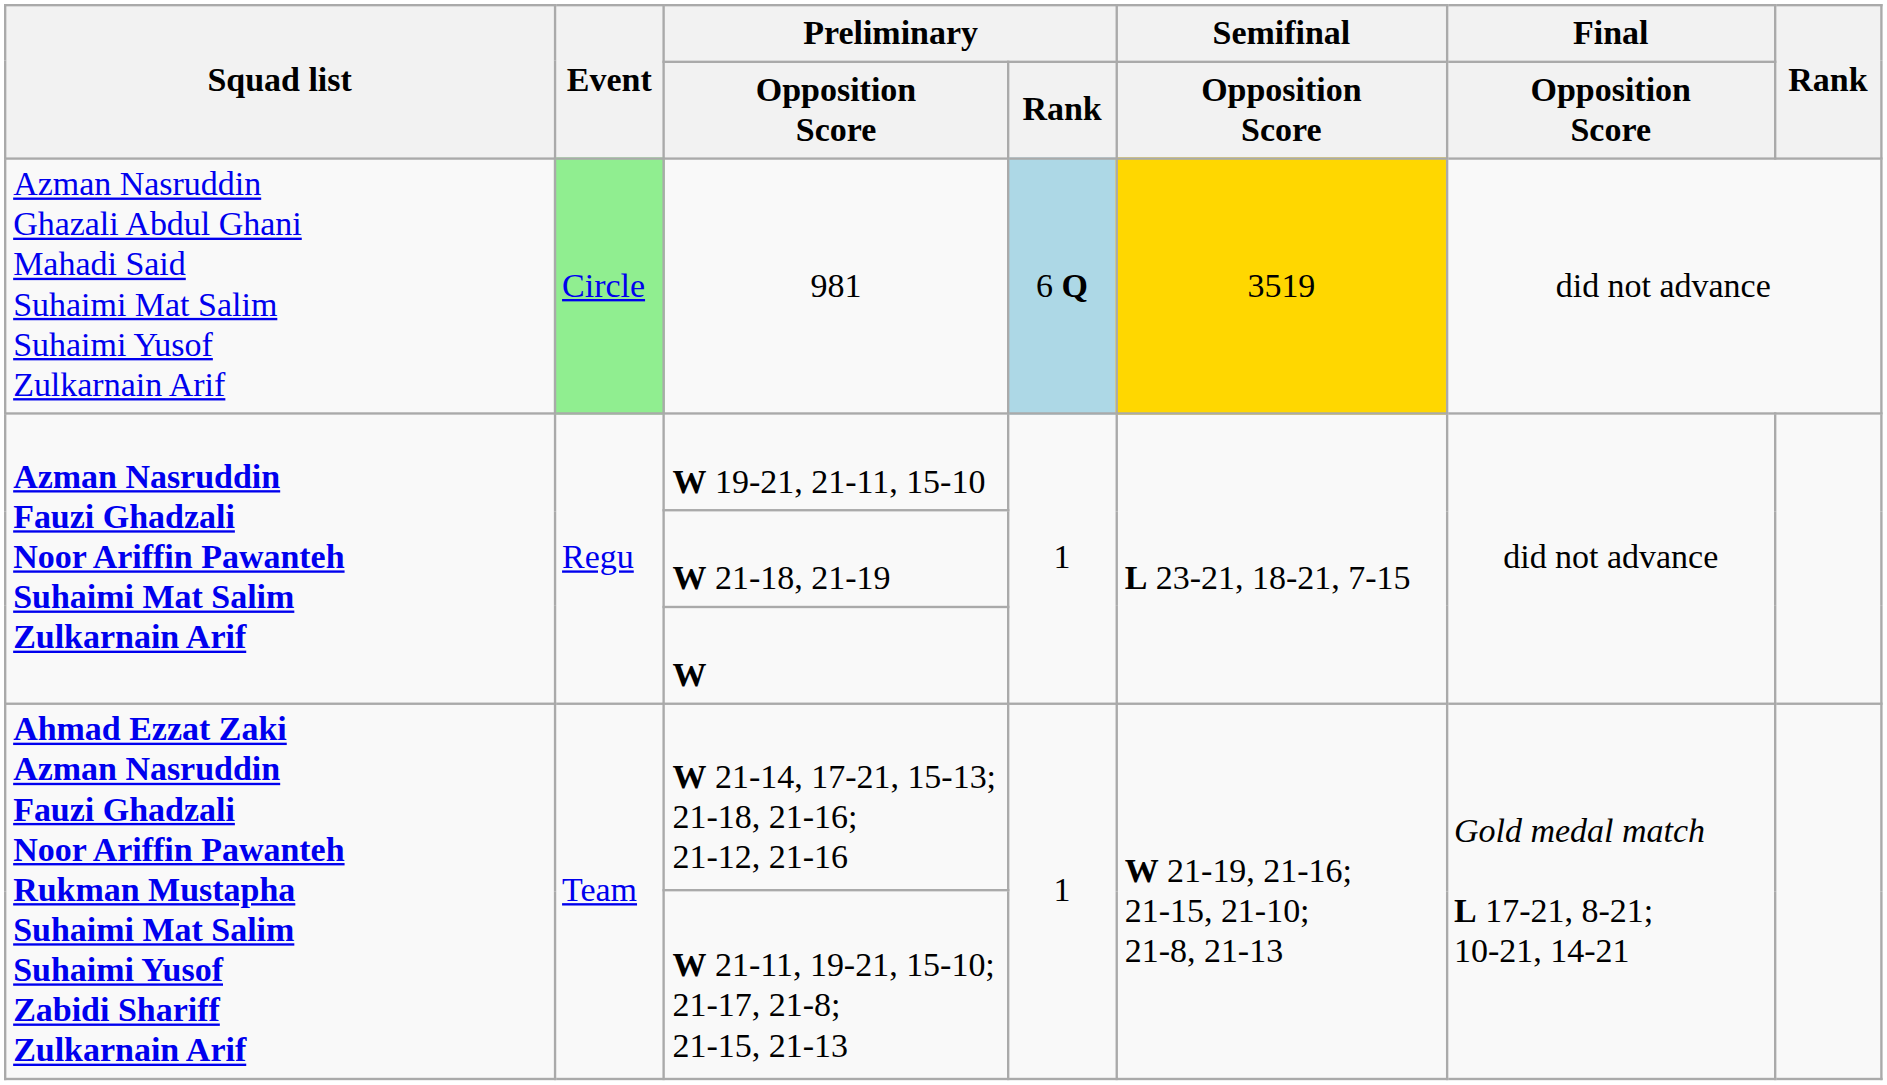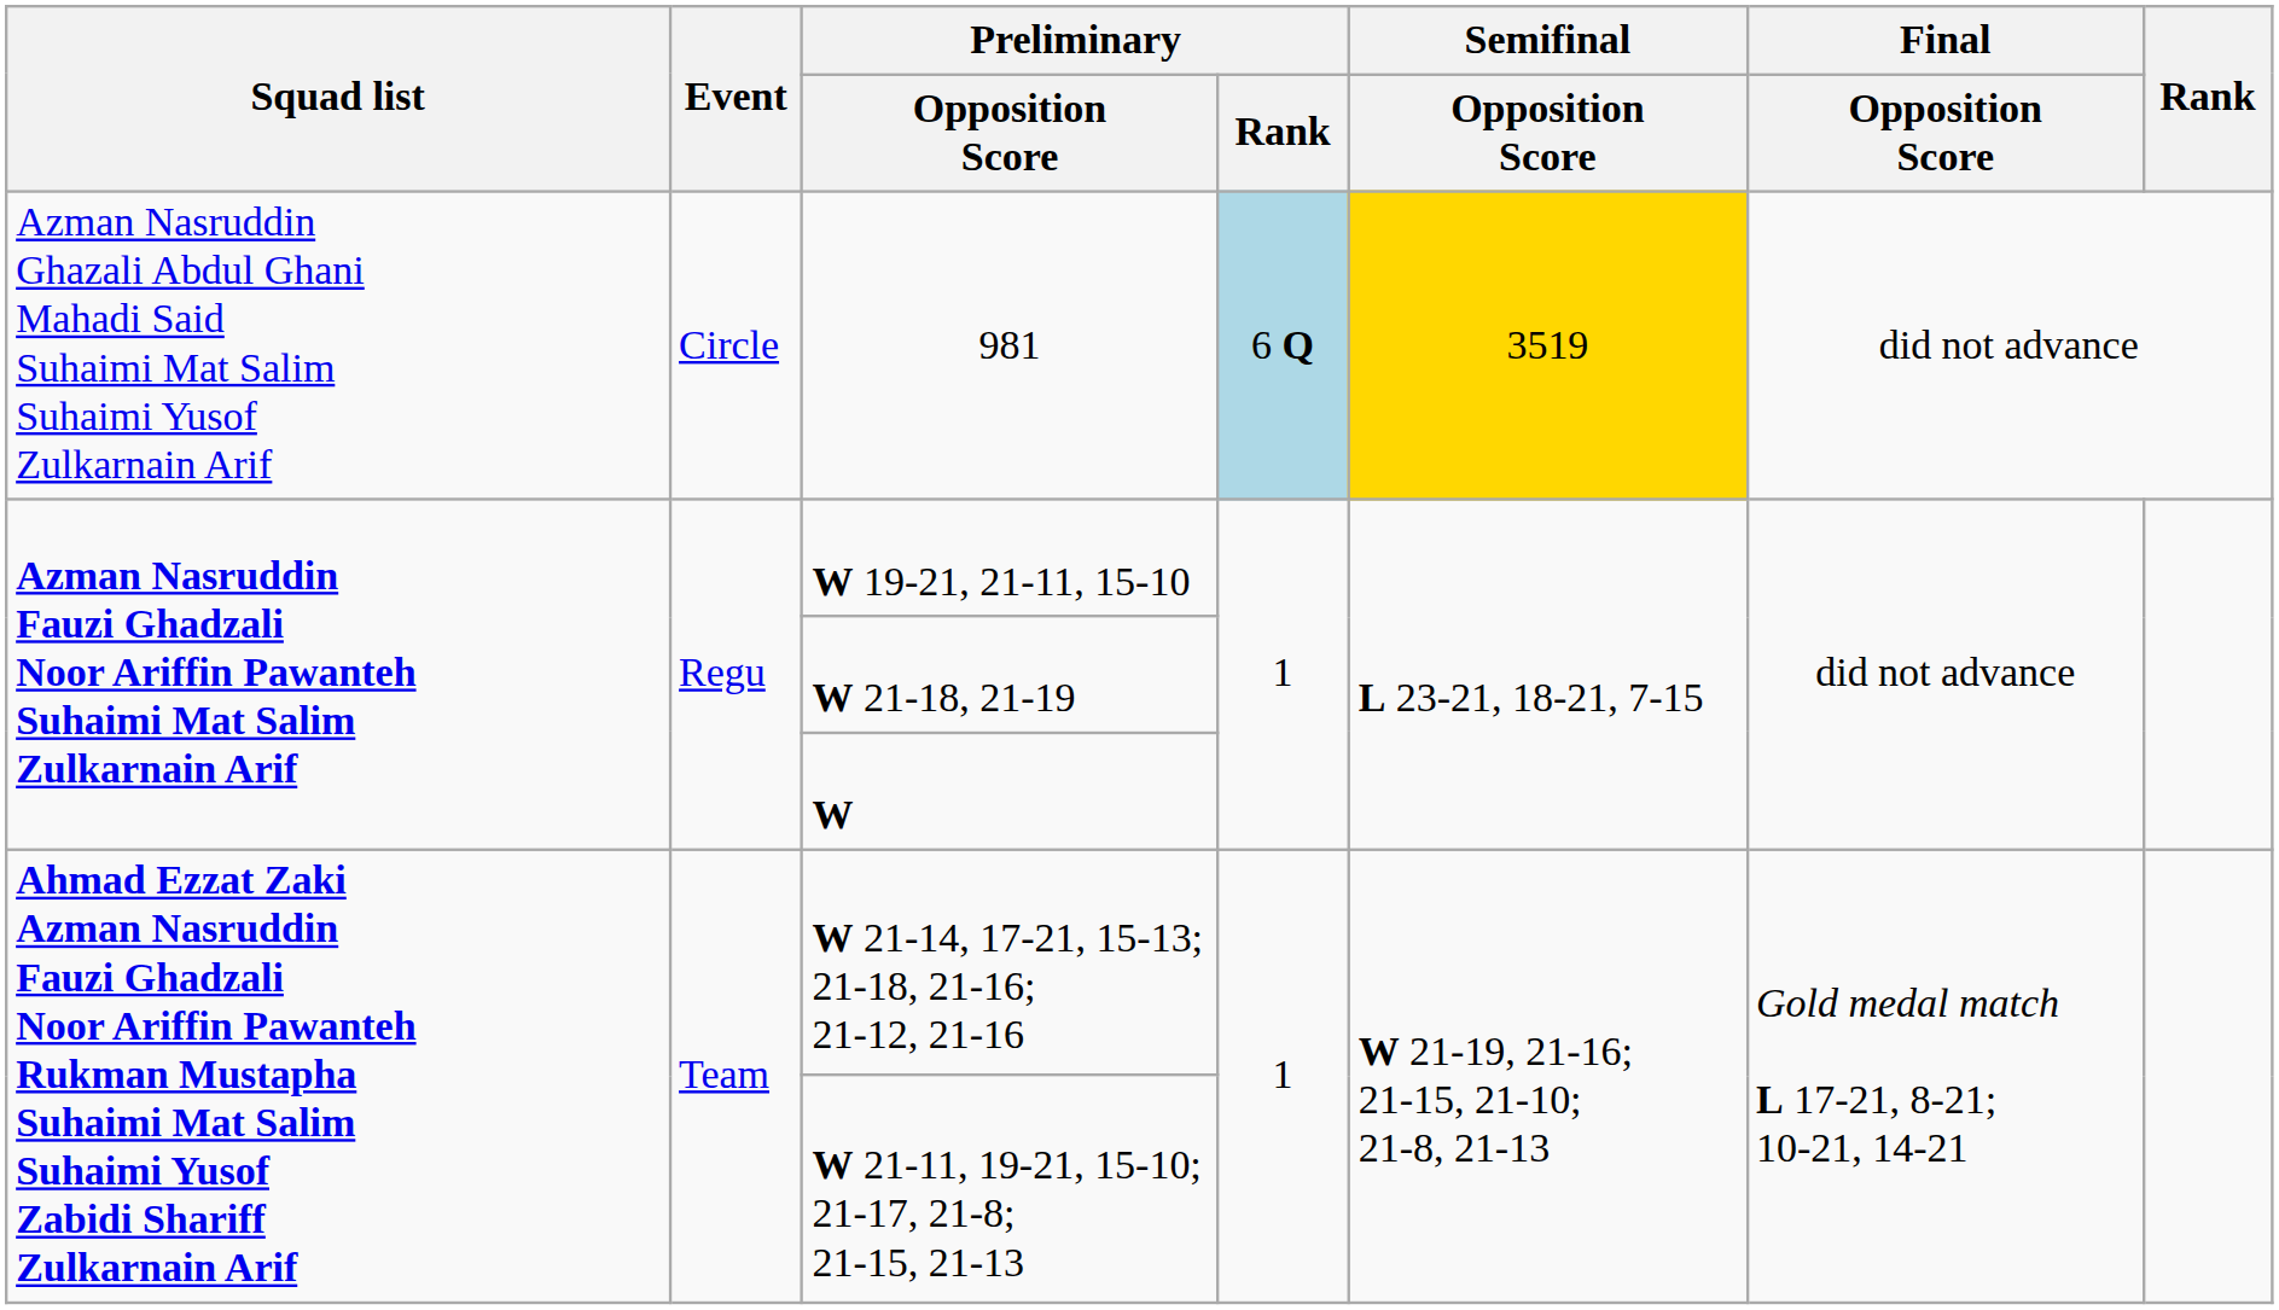 <table class="wikitable" width="90%" style="text-align:center; font-size:90%">
 <tr>
 <th rowspan=2 width="25%">Squad list</th>
 <th rowspan=2 width="3%">Event</th>
 <th colspan=2 width="20%">Preliminary</th>
 <th width="15%">Semifinal</th>
 <th width="15%">Final</th>
 <th rowspan=2 width="3%">Rank</th>
 </tr>
 <tr>
 <th>Opposition<br>Score</th>
 <th>Rank</th>
 <th>Opposition<br>Score</th>
 <th>Opposition<br>Score</th>
 </tr>
 <tr>
 <td align=left><a href='#'>Azman Nasruddin</a><br><a href='#'>Ghazali Abdul Ghani</a><br><a href='#'>Mahadi Said</a><br><a href='#'>Suhaimi Mat Salim</a><br><a href='#'>Suhaimi Yusof</a><br><a href='#'>Zulkarnain Arif</a></td>
-<td align=left style="background: lightgreen;"><a href='#'>Circle</a></td>
+<td align=left><a href='#'>Circle</a></td>
 <td>981</td>
 <td style="background: lightblue;">6 <strong>Q</strong></td>
 <td style="background: gold;">3519</td>
 <td colspan=2>did not advance</td>
 </tr>
 <tr>
 <td rowspan=3 align=left><strong><a href='#'>Azman Nasruddin</a><br><a href='#'>Fauzi Ghadzali</a><br><a href='#'>Noor Ariffin Pawanteh</a><br><a href='#'>Suhaimi Mat Salim</a><br><a href='#'>Zulkarnain Arif</a></strong></td>
 <td rowspan=3 align=left><a href='#'>Regu</a></td>
 <td align=left><br><strong>W</strong> 19-21, 21-11, 15-10</td>
 <td rowspan=3>1 <strong></strong></td>
 <td rowspan=3 align=left><br><strong>L</strong> 23-21, 18-21, 7-15</td>
 <td rowspan=3>did not advance</td>
 <td rowspan=3></td>
 </tr>
 <tr>
 <td align=left><br><strong>W</strong> 21-18, 21-19</td>
 </tr>
 <tr>
 <td align=left><br><strong>W</strong> </td>
 </tr>
 <tr>
 <td rowspan=4 align=left><strong><a href='#'>Ahmad Ezzat Zaki</a><br><a href='#'>Azman Nasruddin</a><br><a href='#'>Fauzi Ghadzali</a><br><a href='#'>Noor Ariffin Pawanteh</a><br><a href='#'>Rukman Mustapha</a><br><a href='#'>Suhaimi Mat Salim</a><br><a href='#'>Suhaimi Yusof</a><br><a href='#'>Zabidi Shariff</a><br><a href='#'>Zulkarnain Arif</a></strong></td>
 <td rowspan=2 align=left><a href='#'>Team</a></td>
 <td align=left><br><strong>W</strong> 21-14, 17-21, 15-13;<br>21-18, 21-16;<br>21-12, 21-16</td>
 <td rowspan=2>1 <strong></strong></td>
 <td rowspan=2 align=left><br><strong>W</strong> 21-19, 21-16;<br>21-15, 21-10;<br>21-8, 21-13</td>
 <td rowspan=2 align=left><em>Gold medal match</em><br><br><strong>L</strong> 17-21, 8-21;<br>10-21, 14-21</td>
 <td rowspan=2></td>
 </tr>
 <tr>
 <td align=left><br><strong>W</strong> 21-11, 19-21, 15-10;<br>21-17, 21-8;<br>21-15, 21-13</td>
 </tr>
 </table>
